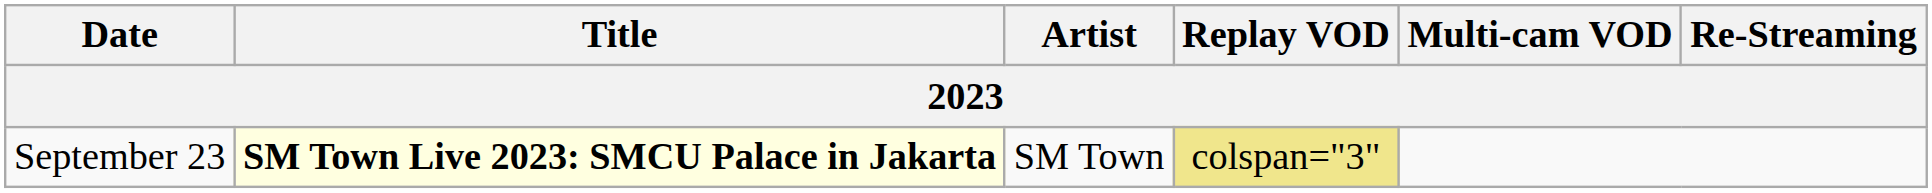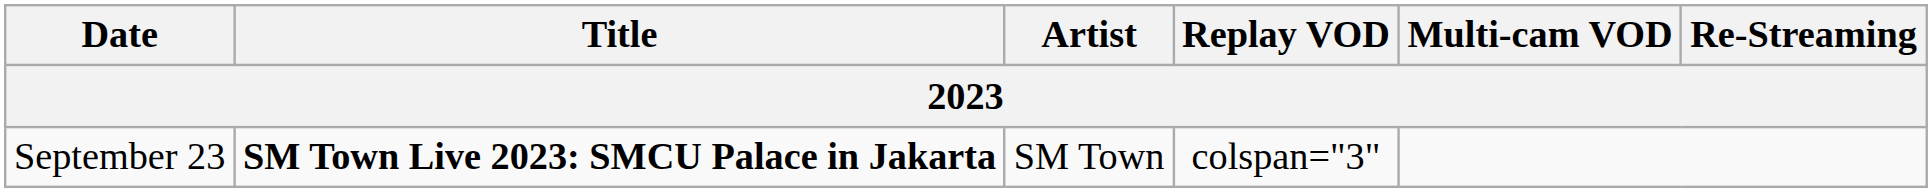 <table class="wikitable" style="text-align:center;">
 <tr>
 <th>Date</th>
 <th>Title</th>
 <th>Artist</th>
 <th>Replay VOD</th>
 <th>Multi-cam VOD</th>
 <th>Re-Streaming</th>
 </tr>
 <tr>
 <th colspan="6">2023</th>
 </tr>
 <tr>
 <td>September 23</td>
-<td style="background: lightyellow;"><strong>SM Town Live 2023: SMCU Palace in Jakarta</strong></td>
+<td><strong>SM Town Live 2023: SMCU Palace in Jakarta</strong></td>
 <td>SM Town</td>
-<td style="background: khaki;">colspan="3" </td>
+<td>colspan="3" </td>
 </tr>
 </table>
